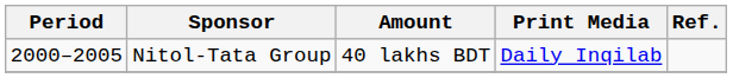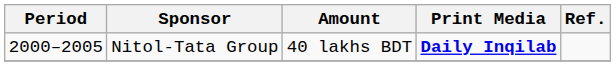 <table class=wikitable>
 <tr>
 <th>Period</th>
 <th>Sponsor</th>
 <th>Amount</th>
 <th>Print Media</th>
 <th>Ref.</th>
 </tr>
 <tr>
 <td>2000–2005</td>
 <td rowspan="1">Nitol-Tata Group</td>
 <td>40 lakhs BDT</td>
-<td><a href='#'>Daily Inqilab</a></td>
+<td><strong><a href='#'>Daily Inqilab</a></strong></td>
 <td></td>
 </tr>
 <tr>
 </tr>
 </table>
